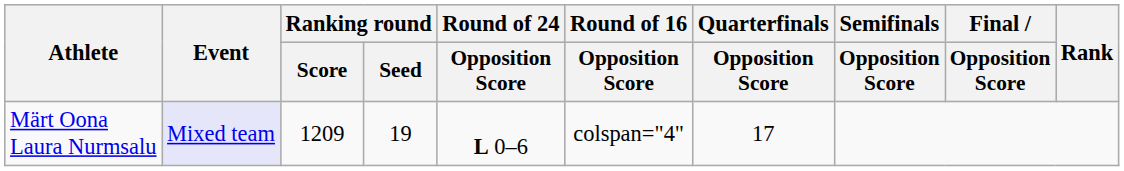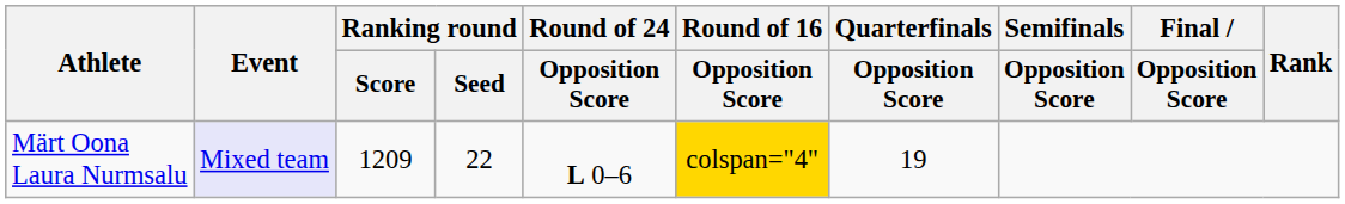 <table class="wikitable" style="text-align:center; font-size:90%">
 <tr>
 <th rowspan="2">Athlete</th>
 <th rowspan="2">Event</th>
 <th colspan="2">Ranking round</th>
 <th>Round of 24</th>
 <th>Round of 16</th>
 <th>Quarterfinals</th>
 <th>Semifinals</th>
 <th>Final / </th>
 <th rowspan="2">Rank</th>
 </tr>
 <tr style="font-size:95%">
 <th>Score</th>
 <th>Seed</th>
 <th>Opposition<br>Score</th>
 <th>Opposition<br>Score</th>
 <th>Opposition<br>Score</th>
 <th>Opposition<br>Score</th>
 <th>Opposition<br>Score</th>
 </tr>
 <tr>
 <td align="left"><a href='#'>Märt Oona</a><br><a href='#'>Laura Nurmsalu</a></td>
 <td align="left" style="background: lavender;"><a href='#'>Mixed team</a></td>
 <td>1209</td>
+<td>22</td>
+<td><br><strong>L</strong> 0–6</td>
+<td style="background: gold;">colspan="4" </td>
 <td>19</td>
-<td><br><strong>L</strong> 0–6</td>
-<td>colspan="4" </td>
-<td>17</td>
 </tr>
 </table>
